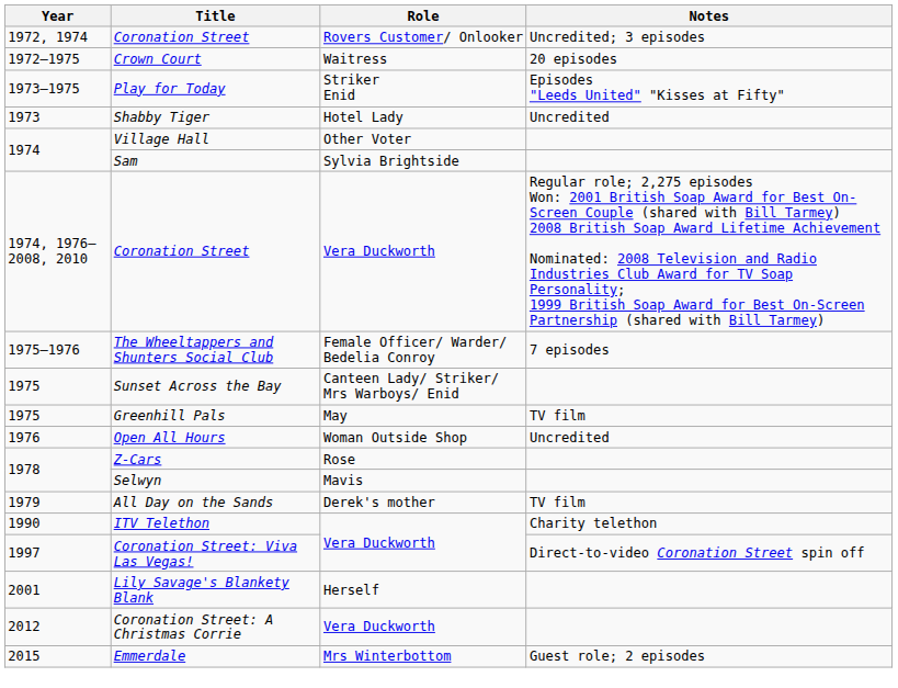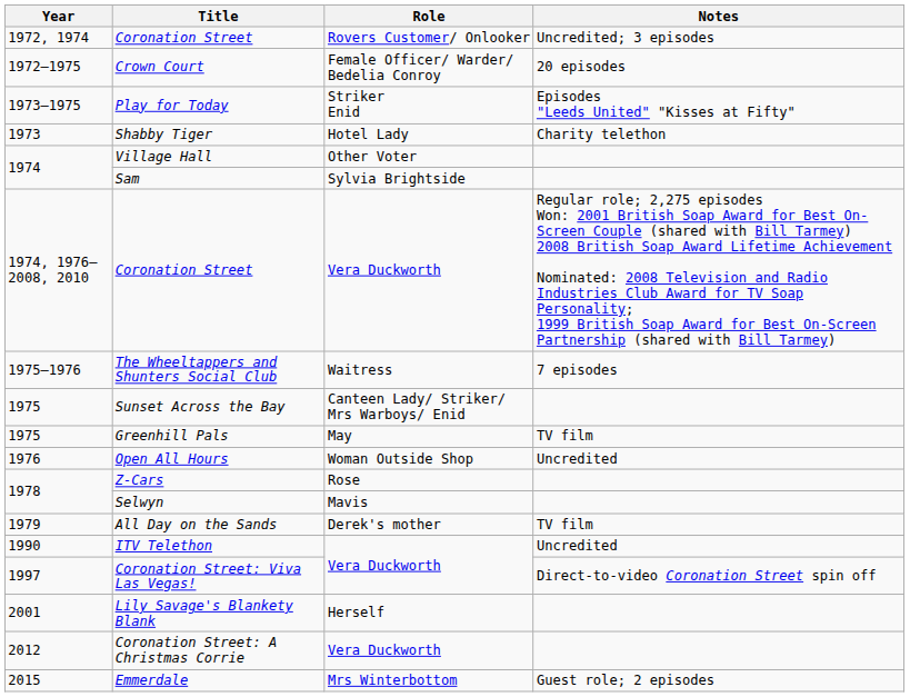 <table class="wikitable sortable">
 <tr>
 <th>Year</th>
 <th>Title</th>
 <th>Role</th>
 <th class="unsortable">Notes</th>
 </tr>
 <tr>
 <td>1972, 1974</td>
 <td><em><a href='#'>Coronation Street</a></em></td>
 <td><a href='#'>Rovers Customer</a>/ Onlooker</td>
 <td>Uncredited; 3 episodes</td>
 </tr>
 <tr>
 <td>1972–1975</td>
 <td><em><a href='#'>Crown Court</a></em></td>
-<td>Waitress</td>
+<td>Female Officer/ Warder/ Bedelia Conroy</td>
 <td>20 episodes</td>
 </tr>
 <tr>
 <td>1973–1975</td>
 <td><em><a href='#'>Play for Today</a></em></td>
 <td>Striker<br>Enid</td>
 <td>Episodes<br><a href='#'>"Leeds United"</a> "Kisses at Fifty"</td>
 </tr>
 <tr>
 <td>1973</td>
 <td><em>Shabby Tiger</em></td>
 <td>Hotel Lady</td>
-<td>Uncredited</td>
+<td>Charity telethon</td>
 </tr>
 <tr>
 <td rowspan="2">1974</td>
 <td><em>Village Hall</em></td>
 <td>Other Voter</td>
 <td></td>
 </tr>
 <tr>
 <td><em>Sam</em></td>
 <td>Sylvia Brightside</td>
 <td></td>
 </tr>
 <tr>
 <td>1974, 1976–2008, 2010</td>
 <td><em><a href='#'>Coronation Street</a></em></td>
 <td><a href='#'>Vera Duckworth</a></td>
 <td>Regular role; 2,275 episodes<br>Won: <a href='#'>2001 British Soap Award for Best On-Screen Couple</a> (shared with <a href='#'>Bill Tarmey</a>)<br><a href='#'>2008 British Soap Award Lifetime Achievement</a><br><br>Nominated: <a href='#'>2008 Television and Radio Industries Club Award for TV Soap Personality</a>;<br><a href='#'>1999 British Soap Award for Best On-Screen Partnership</a> (shared with <a href='#'>Bill Tarmey</a>)</td>
 </tr>
 <tr>
 <td>1975–1976</td>
 <td><em><a href='#'>The Wheeltappers and Shunters Social Club</a></em></td>
-<td>Female Officer/ Warder/ Bedelia Conroy</td>
+<td>Waitress</td>
 <td>7 episodes</td>
 </tr>
 <tr>
 <td>1975</td>
 <td><em>Sunset Across the Bay</em></td>
 <td>Canteen Lady/ Striker/ Mrs Warboys/ Enid</td>
 <td></td>
 </tr>
 <tr>
 <td>1975</td>
 <td><em>Greenhill Pals</em></td>
 <td>May</td>
 <td>TV film</td>
 </tr>
 <tr>
 <td>1976</td>
 <td><em><a href='#'>Open All Hours</a></em></td>
 <td>Woman Outside Shop</td>
 <td>Uncredited</td>
 </tr>
 <tr>
 <td rowspan="2">1978</td>
 <td><em><a href='#'>Z-Cars</a></em></td>
 <td>Rose</td>
 <td></td>
 </tr>
 <tr>
 <td><em>Selwyn</em></td>
 <td>Mavis</td>
 <td></td>
 </tr>
 <tr>
 <td>1979</td>
 <td><em>All Day on the Sands</em></td>
 <td>Derek's mother</td>
 <td>TV film</td>
 </tr>
 <tr>
 <td>1990</td>
 <td><em><a href='#'>ITV Telethon</a></em></td>
 <td rowspan="2"><a href='#'>Vera Duckworth</a></td>
-<td>Charity telethon</td>
+<td>Uncredited</td>
 </tr>
 <tr>
 <td>1997</td>
 <td><em><a href='#'>Coronation Street: Viva Las Vegas!</a></em></td>
 <td>Direct-to-video <em><a href='#'>Coronation Street</a></em> spin off</td>
 </tr>
 <tr>
 <td>2001</td>
 <td><em><a href='#'>Lily Savage's Blankety Blank</a></em></td>
 <td>Herself</td>
 <td></td>
 </tr>
 <tr>
 <td>2012</td>
 <td><em>Coronation Street: A Christmas Corrie</em></td>
 <td><a href='#'>Vera Duckworth</a></td>
 <td></td>
 </tr>
 <tr>
 <td>2015</td>
 <td><em><a href='#'>Emmerdale</a></em></td>
 <td><a href='#'>Mrs Winterbottom</a></td>
 <td>Guest role; 2 episodes</td>
 </tr>
 </table>
